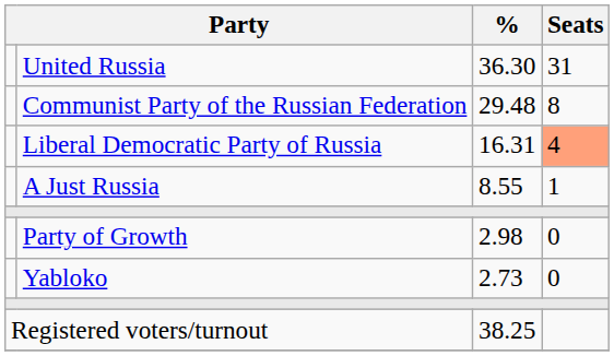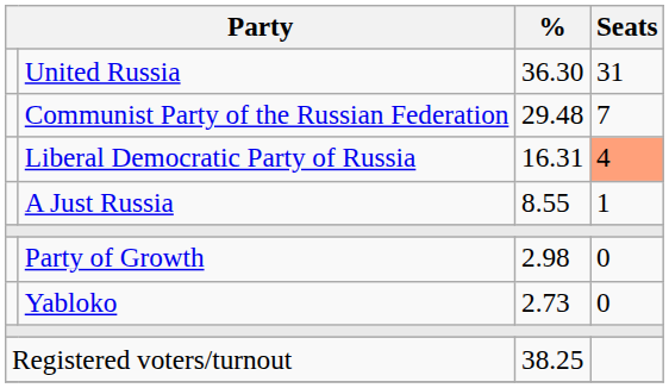 <table class="wikitable">
 <tr>
 <th colspan=2>Party</th>
 <th>%</th>
 <th>Seats</th>
 </tr>
 <tr>
 <td style="background:"></td>
 <td><a href='#'>United Russia</a></td>
 <td>36.30</td>
 <td>31</td>
 </tr>
 <tr>
 <td style="background:"></td>
 <td><a href='#'>Communist Party of the Russian Federation</a></td>
 <td>29.48</td>
-<td>8</td>
+<td>7</td>
 </tr>
 <tr>
 <td style="background:"></td>
 <td><a href='#'>Liberal Democratic Party of Russia</a></td>
 <td>16.31</td>
 <td style="background: lightsalmon;">4</td>
 </tr>
 <tr>
 <td style="background:"></td>
 <td><a href='#'>A Just Russia</a></td>
 <td>8.55</td>
 <td>1</td>
 </tr>
 <tr>
 <td colspan=4 style="background:#E9E9E9;"></td>
 </tr>
 <tr>
 <td style="background:"></td>
 <td><a href='#'>Party of Growth</a></td>
 <td>2.98</td>
 <td>0</td>
 </tr>
 <tr>
 <td style="background:"></td>
 <td><a href='#'>Yabloko</a></td>
 <td>2.73</td>
 <td>0</td>
 </tr>
 <tr>
 <td colspan=4 style="background:#E9E9E9;"></td>
 </tr>
 <tr>
 <td align=left colspan=2>Registered voters/turnout</td>
 <td>38.25</td>
 <td></td>
 </tr>
 <tr>
 </tr>
 </table>
